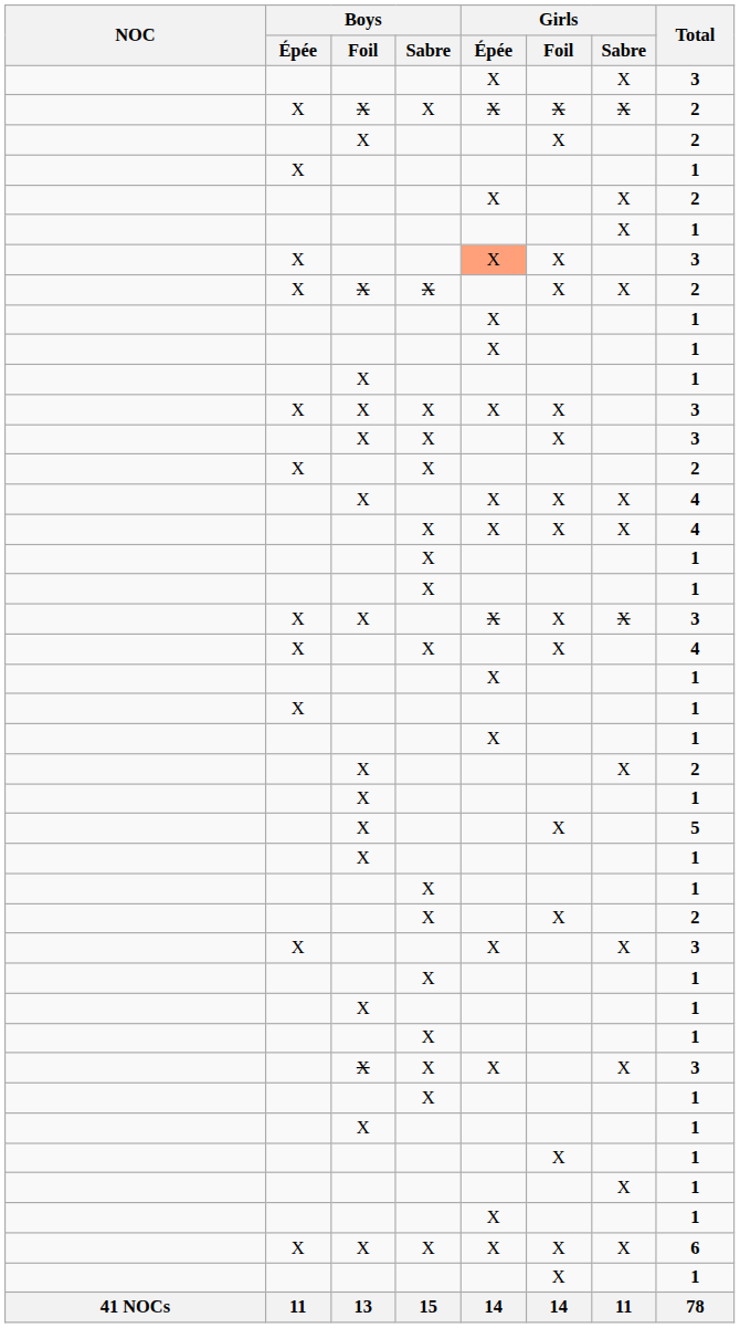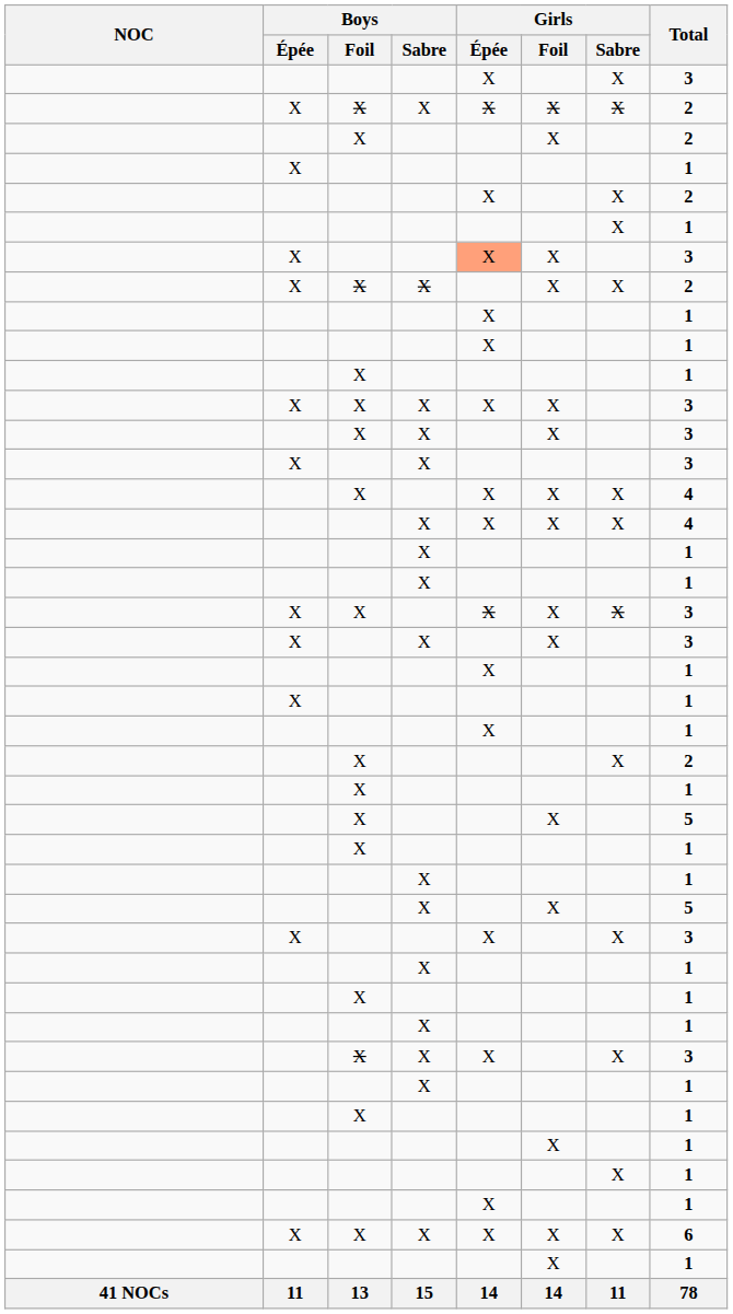 <table class="wikitable sortable" style="text-align:center; font-size:90%">
 <tr>
 <th rowspan="2" width=200 align="left">NOC</th>
 <th colspan="3">Boys</th>
 <th colspan="3">Girls</th>
 <th width=55 rowspan="2">Total</th>
 </tr>
 <tr>
 <th width=45>Épée</th>
 <th width=45>Foil</th>
 <th width=45>Sabre</th>
 <th width=45>Épée</th>
 <th width=45>Foil</th>
 <th width=45>Sabre</th>
 </tr>
 <tr>
 <td align="left"></td>
 <td></td>
 <td></td>
 <td></td>
 <td>X</td>
 <td></td>
 <td>X</td>
 <td><strong>3</strong></td>
 </tr>
 <tr>
 <td align="left"></td>
 <td>X</td>
 <td><s>X</s></td>
 <td>X</td>
 <td><s>X</s></td>
 <td><s>X</s></td>
 <td><s>X</s></td>
 <td><strong>2</strong></td>
 </tr>
 <tr>
 <td align="left"></td>
 <td></td>
 <td>X</td>
 <td></td>
 <td></td>
 <td>X</td>
 <td></td>
 <td><strong>2</strong></td>
 </tr>
 <tr>
 <td align="left"></td>
 <td>X</td>
 <td></td>
 <td></td>
 <td></td>
 <td></td>
 <td></td>
 <td><strong>1</strong></td>
 </tr>
 <tr>
 <td align="left"></td>
 <td></td>
 <td></td>
 <td></td>
 <td>X</td>
 <td></td>
 <td>X</td>
 <td><strong>2</strong></td>
 </tr>
 <tr>
 <td align="left"></td>
 <td></td>
 <td></td>
 <td></td>
 <td></td>
 <td></td>
 <td>X</td>
 <td><strong>1</strong></td>
 </tr>
 <tr>
 <td align="left"></td>
 <td>X</td>
 <td></td>
 <td></td>
 <td style="background: lightsalmon;">X</td>
 <td>X</td>
 <td></td>
 <td><strong>3</strong></td>
 </tr>
 <tr>
 <td align="left"></td>
 <td>X</td>
 <td><s>X</s></td>
 <td><s>X</s></td>
 <td></td>
 <td>X</td>
 <td>X</td>
 <td><strong>2</strong></td>
 </tr>
 <tr>
 <td align="left"></td>
 <td></td>
 <td></td>
 <td></td>
 <td>X</td>
 <td></td>
 <td></td>
 <td><strong>1</strong></td>
 </tr>
 <tr>
 <td align="left"></td>
 <td></td>
 <td></td>
 <td></td>
 <td>X</td>
 <td></td>
 <td></td>
 <td><strong>1</strong></td>
 </tr>
 <tr>
 <td align="left"></td>
 <td></td>
 <td>X</td>
 <td></td>
 <td></td>
 <td></td>
 <td></td>
 <td><strong>1</strong></td>
 </tr>
 <tr>
 <td align="left"></td>
 <td>X</td>
 <td>X</td>
 <td>X</td>
 <td>X</td>
 <td>X</td>
 <td></td>
 <td><strong>3</strong></td>
 </tr>
 <tr>
 <td align="left"></td>
 <td></td>
 <td>X</td>
 <td>X</td>
 <td></td>
 <td>X</td>
 <td></td>
 <td><strong>3</strong></td>
 </tr>
 <tr>
 <td align="left"></td>
 <td>X</td>
 <td></td>
 <td>X</td>
 <td></td>
 <td></td>
 <td></td>
-<td><strong>2</strong></td>
+<td><strong>3</strong></td>
 </tr>
 <tr>
 <td align="left"></td>
 <td></td>
 <td>X</td>
 <td></td>
 <td>X</td>
 <td>X</td>
 <td>X</td>
 <td><strong>4</strong></td>
 </tr>
 <tr>
 <td align="left"></td>
 <td></td>
 <td></td>
 <td>X</td>
 <td>X</td>
 <td>X</td>
 <td>X</td>
 <td><strong>4</strong></td>
 </tr>
 <tr>
 <td align="left"></td>
 <td></td>
 <td></td>
 <td>X</td>
 <td></td>
 <td></td>
 <td></td>
 <td><strong>1</strong></td>
 </tr>
 <tr>
 <td align="left"></td>
 <td></td>
 <td></td>
 <td>X</td>
 <td></td>
 <td></td>
 <td></td>
 <td><strong>1</strong></td>
 </tr>
 <tr>
 <td align="left"></td>
 <td>X</td>
 <td>X</td>
 <td></td>
 <td><s>X</s></td>
 <td>X</td>
 <td><s>X</s></td>
 <td><strong>3</strong></td>
 </tr>
 <tr>
 <td align="left"></td>
 <td>X</td>
 <td></td>
 <td>X</td>
 <td></td>
 <td>X</td>
 <td></td>
-<td><strong>4</strong></td>
+<td><strong>3</strong></td>
 </tr>
 <tr>
 <td align="left"></td>
 <td></td>
 <td></td>
 <td></td>
 <td>X</td>
 <td></td>
 <td></td>
 <td><strong>1</strong></td>
 </tr>
 <tr>
 <td align="left"></td>
 <td>X</td>
 <td></td>
 <td></td>
 <td></td>
 <td></td>
 <td></td>
 <td><strong>1</strong></td>
 </tr>
 <tr>
 <td align="left"></td>
 <td></td>
 <td></td>
 <td></td>
 <td>X</td>
 <td></td>
 <td></td>
 <td><strong>1</strong></td>
 </tr>
 <tr>
 <td align="left"></td>
 <td></td>
 <td>X</td>
 <td></td>
 <td></td>
 <td></td>
 <td>X</td>
 <td><strong>2</strong></td>
 </tr>
 <tr>
 <td align="left"></td>
 <td></td>
 <td>X</td>
 <td></td>
 <td></td>
 <td></td>
 <td></td>
 <td><strong>1</strong></td>
 </tr>
 <tr>
 <td align="left"></td>
 <td></td>
 <td>X</td>
 <td></td>
 <td></td>
 <td>X</td>
 <td></td>
 <td><strong>5</strong></td>
 </tr>
 <tr>
 <td align="left"></td>
 <td></td>
 <td>X</td>
 <td></td>
 <td></td>
 <td></td>
 <td></td>
 <td><strong>1</strong></td>
 </tr>
 <tr>
 <td align="left"></td>
 <td></td>
 <td></td>
 <td>X</td>
 <td></td>
 <td></td>
 <td></td>
 <td><strong>1</strong></td>
 </tr>
 <tr>
 <td align="left"></td>
 <td></td>
 <td></td>
 <td>X</td>
 <td></td>
 <td>X</td>
 <td></td>
-<td><strong>2</strong></td>
+<td><strong>5</strong></td>
 </tr>
 <tr>
 <td align="left"></td>
 <td>X</td>
 <td></td>
 <td></td>
 <td>X</td>
 <td></td>
 <td>X</td>
 <td><strong>3</strong></td>
 </tr>
 <tr>
 <td align="left"></td>
 <td></td>
 <td></td>
 <td>X</td>
 <td></td>
 <td></td>
 <td></td>
 <td><strong>1</strong></td>
 </tr>
 <tr>
 <td align="left"></td>
 <td></td>
 <td>X</td>
 <td></td>
 <td></td>
 <td></td>
 <td></td>
 <td><strong>1</strong></td>
 </tr>
 <tr>
 <td align="left"></td>
 <td></td>
 <td></td>
 <td>X</td>
 <td></td>
 <td></td>
 <td></td>
 <td><strong>1</strong></td>
 </tr>
 <tr>
 <td align="left"></td>
 <td></td>
 <td><s>X</s></td>
 <td>X</td>
 <td>X</td>
 <td></td>
 <td>X</td>
 <td><strong>3</strong></td>
 </tr>
 <tr>
 <td align="left"></td>
 <td></td>
 <td></td>
 <td>X</td>
 <td></td>
 <td></td>
 <td></td>
 <td><strong>1</strong></td>
 </tr>
 <tr>
 <td align="left"></td>
 <td></td>
 <td>X</td>
 <td></td>
 <td></td>
 <td></td>
 <td></td>
 <td><strong>1</strong></td>
 </tr>
 <tr>
 <td align="left"></td>
 <td></td>
 <td></td>
 <td></td>
 <td></td>
 <td>X</td>
 <td></td>
 <td><strong>1</strong></td>
 </tr>
 <tr>
 <td align="left"></td>
 <td></td>
 <td></td>
 <td></td>
 <td></td>
 <td></td>
 <td>X</td>
 <td><strong>1</strong></td>
 </tr>
 <tr>
 <td align="left"></td>
 <td></td>
 <td></td>
 <td></td>
 <td>X</td>
 <td></td>
 <td></td>
 <td><strong>1</strong></td>
 </tr>
 <tr>
 <td align="left"></td>
 <td>X</td>
 <td>X</td>
 <td>X</td>
 <td>X</td>
 <td>X</td>
 <td>X</td>
 <td><strong>6</strong></td>
 </tr>
 <tr>
 <td align="left"></td>
 <td></td>
 <td></td>
 <td></td>
 <td></td>
 <td>X</td>
 <td></td>
 <td><strong>1</strong></td>
 </tr>
 <tr>
 <th>41 NOCs</th>
 <th>11</th>
 <th>13</th>
 <th>15</th>
 <th>14</th>
 <th>14</th>
 <th>11</th>
 <th>78</th>
 </tr>
 </table>
